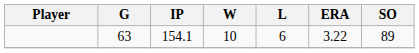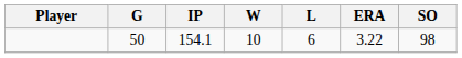 <table class="wikitable sortable">
 <tr>
 <th bgcolor="#DDDDFF" width="16%">Player</th>
 <th bgcolor="#DDDDFF" width="9%">G</th>
 <th bgcolor="#DDDDFF" width="9%">IP</th>
 <th bgcolor="#DDDDFF" width="9%">W</th>
 <th bgcolor="#DDDDFF" width="9%">L</th>
 <th bgcolor="#DDDDFF" width="9%">ERA</th>
 <th bgcolor="#DDDDFF" width="9%">SO</th>
 </tr>
 <tr align="center">
 <td></td>
-<td>63</td>
+<td>50</td>
 <td>154.1</td>
 <td>10</td>
 <td>6</td>
 <td>3.22</td>
-<td>89</td>
+<td>98</td>
 </tr>
 <tr align="center">
 </tr>
 </table>
